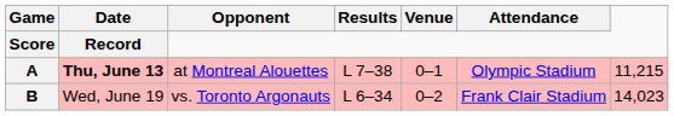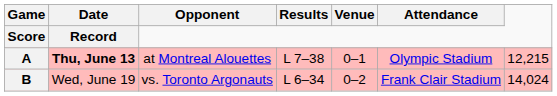 <table class="wikitable" style="text-align:center">
 <tr>
 <th>Game</th>
 <th>Date</th>
 <th>Opponent</th>
 <th>Results</th>
 <th>Venue</th>
 <th>Attendance</th>
 </tr>
 <tr>
 <th>Score</th>
 <th>Record</th>
 </tr>
 <tr style="background:#ffbbbb">
 <th>A</th>
 <td><strong>Thu, June 13</strong></td>
 <td>at <a href='#'>Montreal Alouettes</a></td>
 <td>L 7–38</td>
 <td>0–1</td>
 <td><a href='#'>Olympic Stadium</a></td>
-<td>11,215</td>
+<td>12,215</td>
 </tr>
 <tr style="background:#ffbbbb">
 <th>B</th>
 <td>Wed, June 19</td>
 <td>vs. <a href='#'>Toronto Argonauts</a></td>
 <td>L 6–34</td>
 <td>0–2</td>
 <td><a href='#'>Frank Clair Stadium</a></td>
-<td>14,023</td>
+<td>14,024</td>
 </tr>
 </table>
